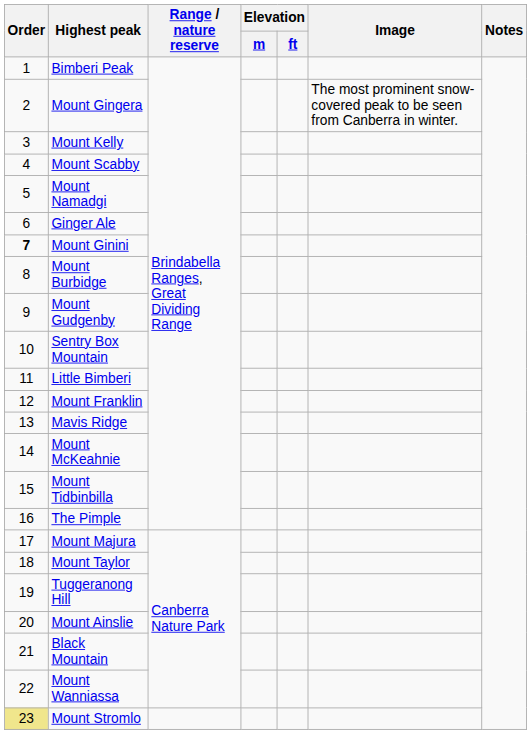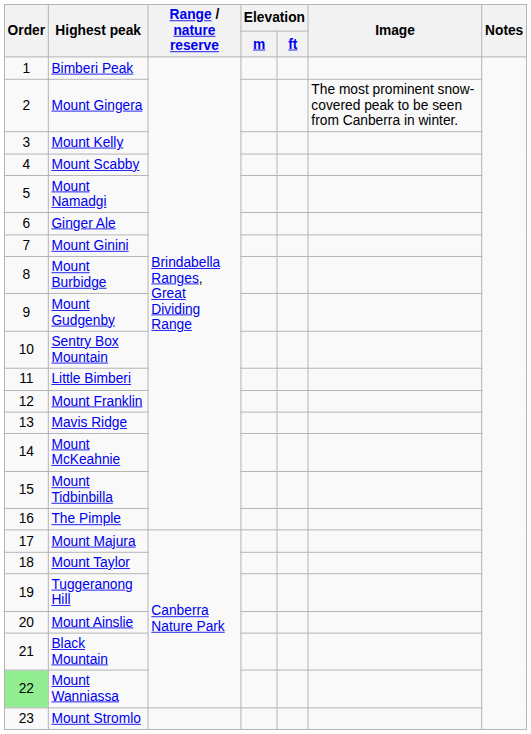 <table class="wikitable sortable sticky-header-multi sort-under">
 <tr>
 <th scope="col" rowspan=2>Order</th>
 <th scope="col" rowspan=2>Highest peak</th>
 <th scope="col" rowspan=2><a href='#'>Range</a> /<br><a href='#'>nature reserve</a></th>
 <th scope="col" colspan=2>Elevation </th>
 <th scope="col" rowspan=2>Image</th>
 <th scope="col" rowspan=2>Notes</th>
 </tr>
 <tr>
 <th scope="col"><a href='#'>m</a></th>
 <th scope="col"><a href='#'>ft</a></th>
 </tr>
 <tr>
 <td align=center>1</td>
 <td><a href='#'>Bimberi Peak</a></td>
 <td rowspan=16><a href='#'>Brindabella Ranges</a>,<br><a href='#'>Great Dividing Range</a></td>
 <td></td>
 <td></td>
 <td></td>
 </tr>
 <tr>
 <td align=center>2</td>
 <td><a href='#'>Mount Gingera</a></td>
 <td></td>
 <td></td>
 <td>The most prominent snow-covered peak to be seen from Canberra in winter.</td>
 </tr>
 <tr>
 <td align=center>3</td>
 <td><a href='#'>Mount Kelly</a></td>
 <td></td>
 <td></td>
 <td></td>
 </tr>
 <tr>
 <td align=center>4</td>
 <td><a href='#'>Mount Scabby</a></td>
 <td></td>
 <td></td>
 <td></td>
 </tr>
 <tr>
 <td align=center>5</td>
 <td><a href='#'>Mount Namadgi</a></td>
 <td></td>
 <td></td>
 <td></td>
 </tr>
 <tr>
 <td align=center>6</td>
 <td><a href='#'>Ginger Ale</a></td>
 <td></td>
 <td></td>
 <td></td>
 </tr>
 <tr>
-<td align=center><strong>7</strong></td>
+<td align=center>7</td>
 <td><a href='#'>Mount Ginini</a></td>
 <td></td>
 <td></td>
 <td></td>
 </tr>
 <tr>
 <td align=center>8</td>
 <td><a href='#'>Mount Burbidge</a></td>
 <td></td>
 <td></td>
 <td></td>
 </tr>
 <tr>
 <td align=center>9</td>
 <td><a href='#'>Mount Gudgenby</a></td>
 <td></td>
 <td></td>
 <td></td>
 </tr>
 <tr>
 <td align=center>10</td>
 <td><a href='#'>Sentry Box Mountain</a></td>
 <td></td>
 <td></td>
 <td></td>
 </tr>
 <tr>
 <td align=center>11</td>
 <td><a href='#'>Little Bimberi</a></td>
 <td></td>
 <td></td>
 <td></td>
 </tr>
 <tr>
 <td align=center>12</td>
 <td><a href='#'>Mount Franklin</a></td>
 <td></td>
 <td></td>
 <td></td>
 </tr>
 <tr>
 <td align=center>13</td>
 <td><a href='#'>Mavis Ridge</a></td>
 <td></td>
 <td></td>
 <td></td>
 </tr>
 <tr>
 <td align=center>14</td>
 <td><a href='#'>Mount McKeahnie</a></td>
 <td></td>
 <td></td>
 <td></td>
 </tr>
 <tr>
 <td align=center>15</td>
 <td><a href='#'>Mount Tidbinbilla</a></td>
 <td></td>
 <td></td>
 <td></td>
 </tr>
 <tr>
 <td align=center>16</td>
 <td><a href='#'>The Pimple</a></td>
 <td></td>
 <td></td>
 <td></td>
 </tr>
 <tr>
 <td align=center>17</td>
 <td><a href='#'>Mount Majura</a></td>
 <td rowspan=6><a href='#'>Canberra Nature Park</a></td>
 <td></td>
 <td></td>
 <td></td>
 </tr>
 <tr>
 <td align=center>18</td>
 <td><a href='#'>Mount Taylor</a></td>
 <td></td>
 <td></td>
 <td></td>
 </tr>
 <tr>
 <td align=center>19</td>
 <td><a href='#'>Tuggeranong Hill</a></td>
 <td></td>
 <td></td>
 <td></td>
 </tr>
 <tr>
 <td align=center>20</td>
 <td><a href='#'>Mount Ainslie</a></td>
 <td></td>
 <td></td>
 <td></td>
 </tr>
 <tr>
 <td align=center>21</td>
 <td><a href='#'>Black Mountain</a></td>
 <td></td>
 <td></td>
 <td></td>
 </tr>
 <tr>
-<td align=center>22</td>
+<td align=center style="background: lightgreen;">22</td>
 <td><a href='#'>Mount Wanniassa</a></td>
 <td></td>
 <td></td>
 <td></td>
 </tr>
 <tr>
-<td align=center style="background: khaki;">23</td>
+<td align=center>23</td>
 <td><a href='#'>Mount Stromlo</a></td>
 <td></td>
 <td></td>
 <td></td>
 <td></td>
 </tr>
 </table>
